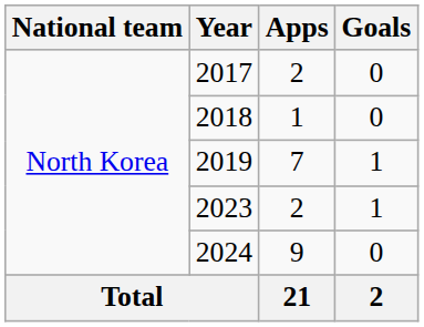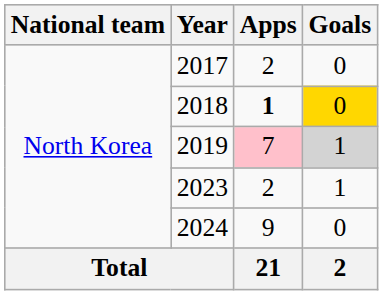 <table class="wikitable" style="text-align:center">
 <tr>
 <th>National team</th>
 <th>Year</th>
 <th>Apps</th>
 <th>Goals</th>
 </tr>
 <tr>
 <td rowspan="5"><a href='#'>North Korea</a></td>
 <td>2017</td>
 <td>2</td>
 <td>0</td>
 </tr>
 <tr>
 <td>2018</td>
-<td>1</td>
-<td>0</td>
+<td><strong>1</strong></td>
+<td style="background: gold;">0</td>
 </tr>
 <tr>
 <td>2019</td>
-<td>7</td>
-<td>1</td>
+<td style="background: pink;">7</td>
+<td style="background: lightgrey;">1</td>
 </tr>
 <tr>
 <td>2023</td>
 <td>2</td>
 <td>1</td>
 </tr>
 <tr>
 <td>2024</td>
 <td>9</td>
 <td>0</td>
 </tr>
 <tr>
 <th colspan="2">Total</th>
 <th>21</th>
 <th>2</th>
 </tr>
 </table>
